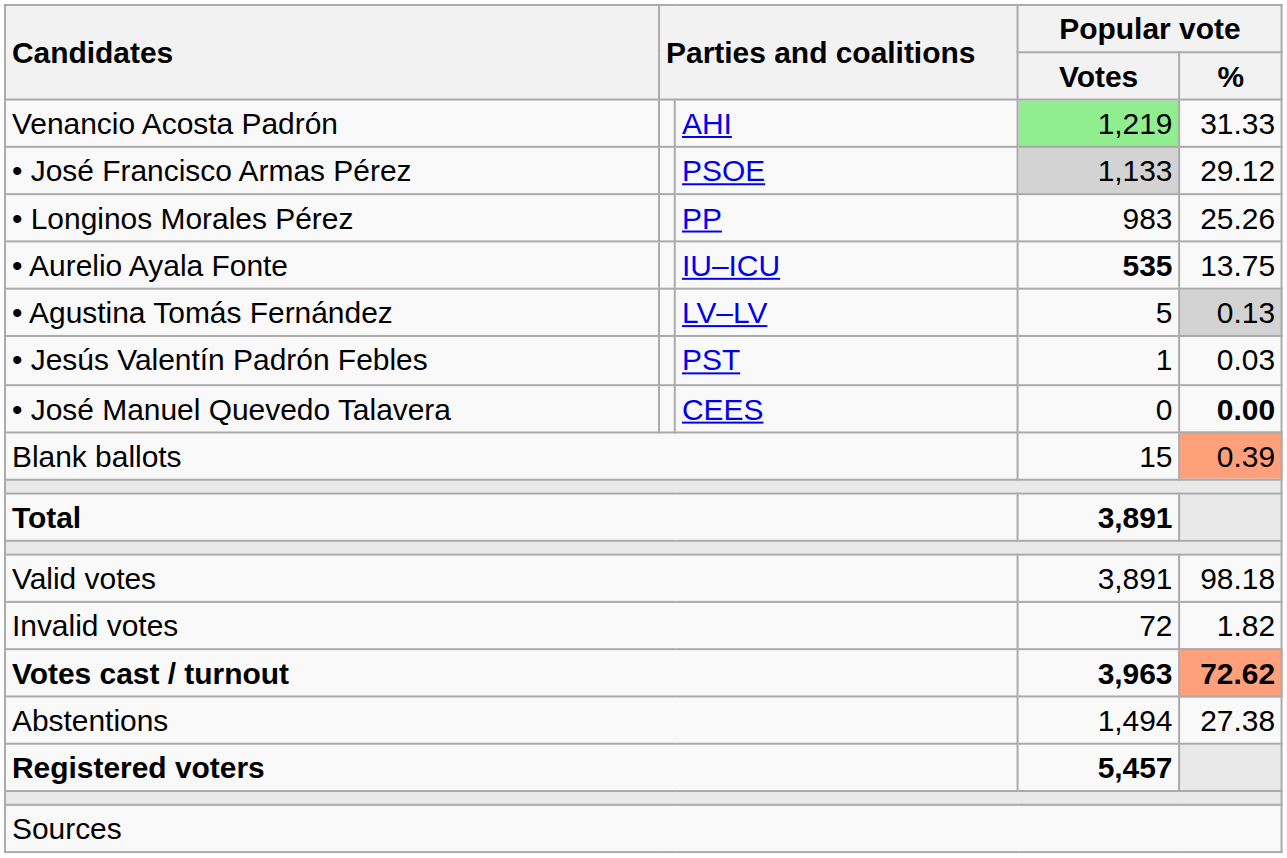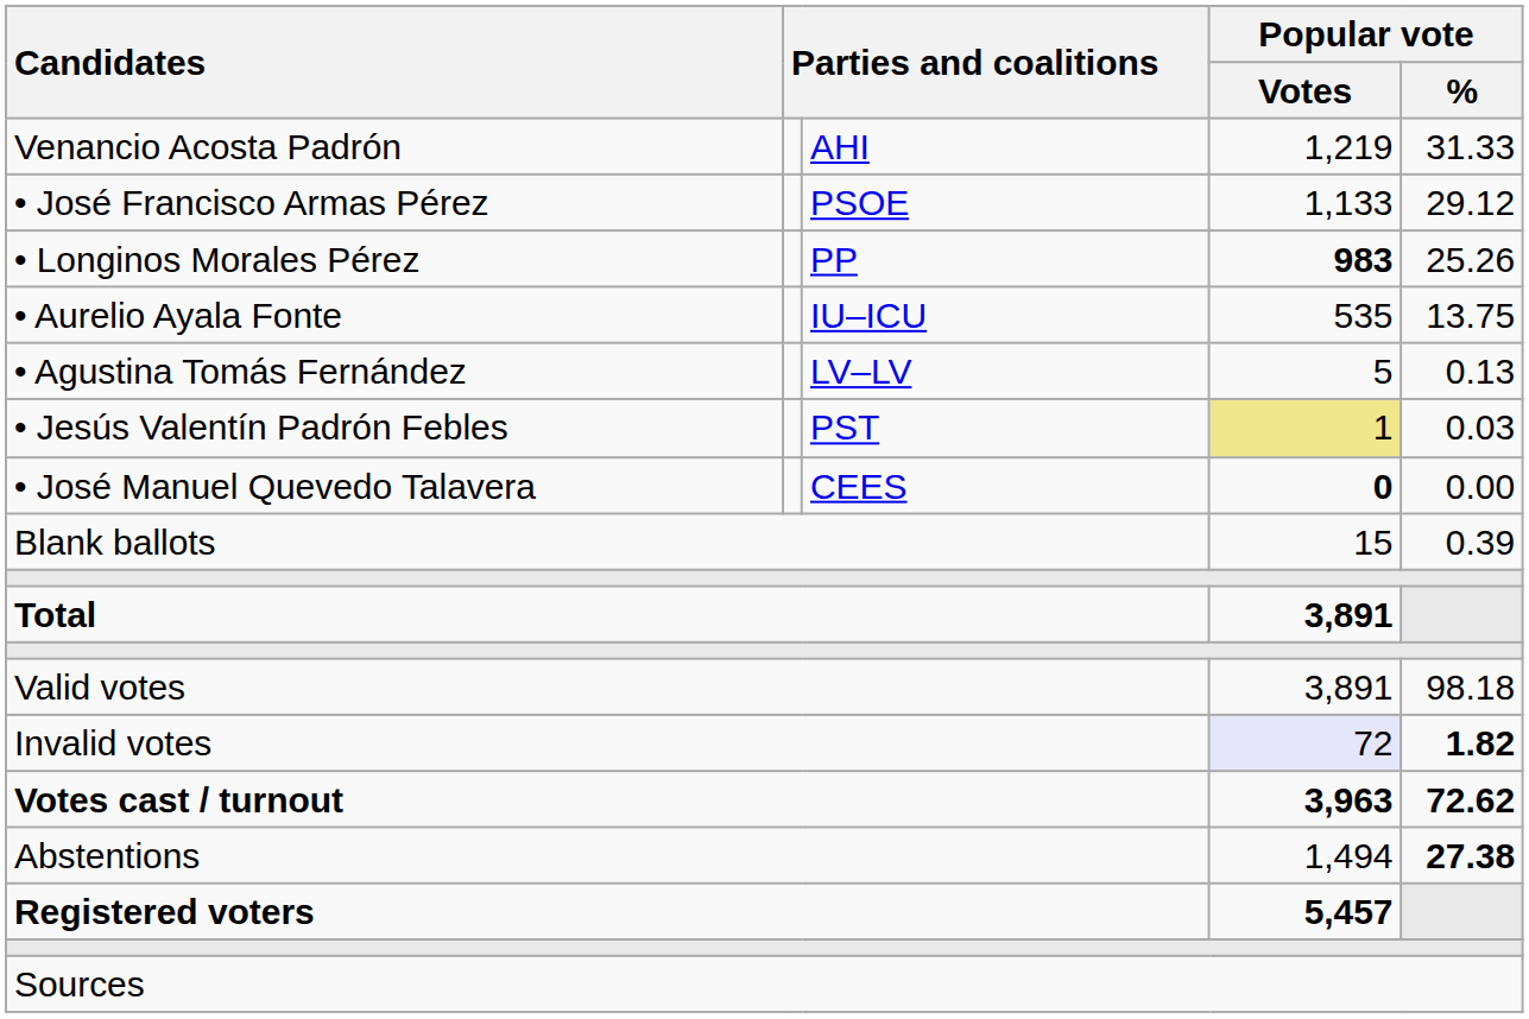 <table class="wikitable" style="text-align:right; font-size:95%;">
 <tr>
 <th style="text-align:left;" rowspan="2" width="325">Candidates</th>
 <th style="text-align:left;" rowspan="2" colspan="2" width="175">Parties and coalitions</th>
 <th colspan="2">Popular vote</th>
 </tr>
 <tr>
 <th width="75">Votes</th>
 <th width="45">%</th>
 </tr>
 <tr>
 <td align="left"> Venancio Acosta Padrón</td>
 <td width="1" style="color:inherit;background:"></td>
 <td align="left"><a href='#'>AHI</a></td>
-<td style="background: lightgreen;">1,219</td>
+<td>1,219</td>
 <td>31.33</td>
 </tr>
 <tr>
 <td align="left">• José Francisco Armas Pérez</td>
 <td style="color:inherit;background:"></td>
 <td align="left"><a href='#'>PSOE</a></td>
-<td style="background: lightgrey;">1,133</td>
+<td>1,133</td>
 <td>29.12</td>
 </tr>
 <tr>
 <td align="left">• Longinos Morales Pérez</td>
 <td style="color:inherit;background:"></td>
 <td align="left"><a href='#'>PP</a></td>
-<td>983</td>
+<td><strong>983</strong></td>
 <td>25.26</td>
 </tr>
 <tr>
 <td align="left">• Aurelio Ayala Fonte</td>
 <td style="color:inherit;background:"></td>
 <td align="left"><a href='#'>IU–ICU</a></td>
-<td><strong>535</strong></td>
+<td>535</td>
 <td>13.75</td>
 </tr>
 <tr>
 <td align="left">• Agustina Tomás Fernández</td>
 <td style="color:inherit;background:"></td>
 <td align="left"><a href='#'>LV–LV</a></td>
 <td>5</td>
-<td style="background: lightgrey;">0.13</td>
+<td>0.13</td>
 </tr>
 <tr>
 <td align="left">• Jesús Valentín Padrón Febles</td>
 <td style="color:inherit;background:"></td>
 <td align="left"><a href='#'>PST</a></td>
-<td>1</td>
+<td style="background: khaki;">1</td>
 <td>0.03</td>
 </tr>
 <tr>
 <td align="left">• José Manuel Quevedo Talavera</td>
 <td style="color:inherit;background:"></td>
 <td align="left"><a href='#'>CEES</a></td>
-<td>0</td>
-<td><strong>0.00</strong></td>
+<td><strong>0</strong></td>
+<td>0.00</td>
 </tr>
 <tr>
 <td align="left" colspan="3">Blank ballots</td>
 <td>15</td>
-<td style="background: lightsalmon;">0.39</td>
+<td>0.39</td>
 </tr>
 <tr>
 <td colspan="5" bgcolor="#E9E9E9"></td>
 </tr>
 <tr style="font-weight:bold;">
 <td align="left" colspan="3">Total</td>
 <td>3,891</td>
 <td bgcolor="#E9E9E9"></td>
 </tr>
 <tr>
 <td colspan="5" bgcolor="#E9E9E9"></td>
 </tr>
 <tr>
 <td align="left" colspan="3">Valid votes</td>
 <td>3,891</td>
 <td>98.18</td>
 </tr>
 <tr>
 <td align="left" colspan="3">Invalid votes</td>
-<td>72</td>
-<td>1.82</td>
+<td style="background: lavender;">72</td>
+<td><strong>1.82</strong></td>
 </tr>
 <tr style="font-weight:bold;">
 <td align="left" colspan="3">Votes cast / turnout</td>
 <td>3,963</td>
-<td style="background: lightsalmon;">72.62</td>
+<td>72.62</td>
 </tr>
 <tr>
 <td align="left" colspan="3">Abstentions</td>
 <td>1,494</td>
-<td>27.38</td>
+<td><strong>27.38</strong></td>
 </tr>
 <tr style="font-weight:bold;">
 <td align="left" colspan="3">Registered voters</td>
 <td>5,457</td>
 <td bgcolor="#E9E9E9"></td>
 </tr>
 <tr>
 <td colspan="5" bgcolor="#E9E9E9"></td>
 </tr>
 <tr>
 <td align="left" colspan="5">Sources</td>
 </tr>
 </table>
